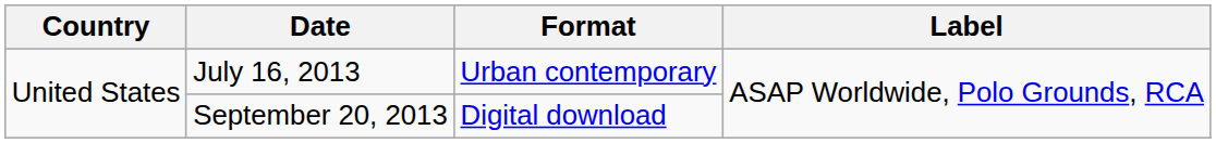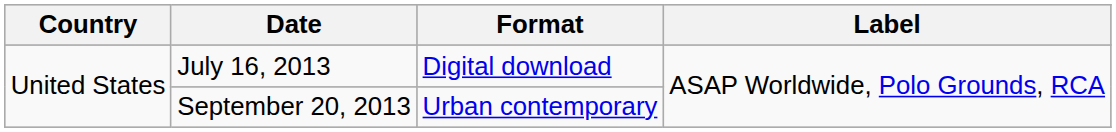 <table class="wikitable">
 <tr>
 <th>Country</th>
 <th>Date</th>
 <th>Format</th>
 <th>Label</th>
 </tr>
 <tr>
 <td rowspan="2">United States</td>
 <td>July 16, 2013</td>
-<td><a href='#'>Urban contemporary</a></td>
+<td><a href='#'>Digital download</a></td>
 <td rowspan="2">ASAP Worldwide, <a href='#'>Polo Grounds</a>, <a href='#'>RCA</a></td>
 </tr>
 <tr>
 <td>September 20, 2013</td>
-<td><a href='#'>Digital download</a></td>
+<td><a href='#'>Urban contemporary</a></td>
 </tr>
 </table>
